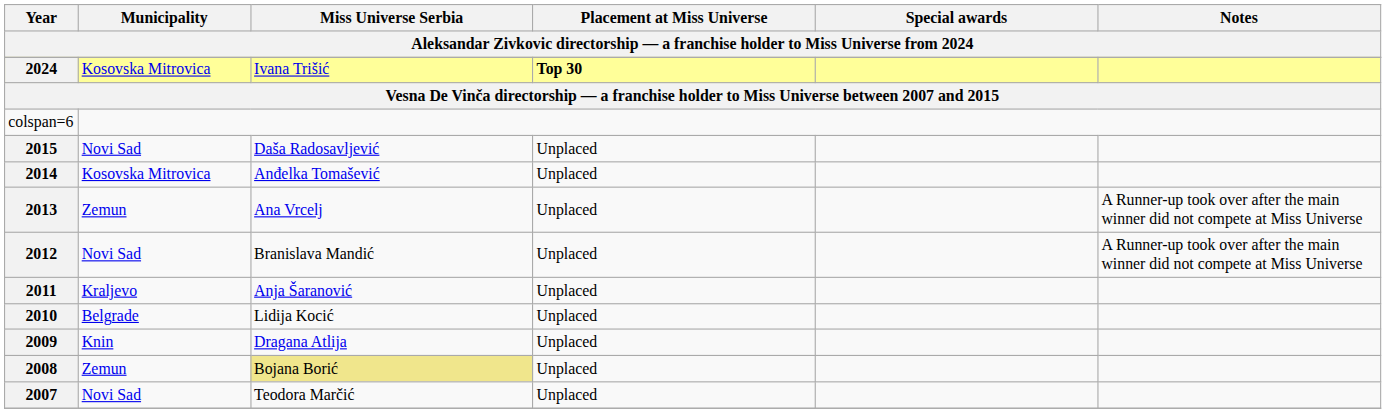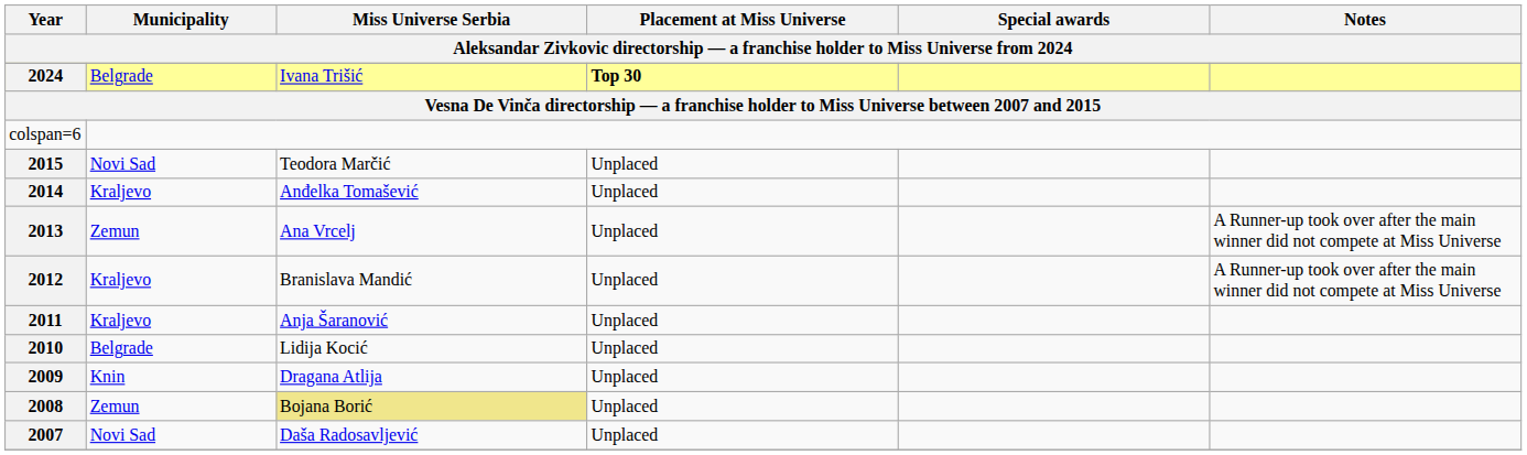 <table class="wikitable " style="font-size: 90%;">
 <tr>
 <th width="60">Year</th>
 <th width="150">Municipality</th>
 <th width="250">Miss Universe Serbia</th>
 <th width="250">Placement at Miss Universe</th>
 <th width="250">Special awards</th>
 <th width="250">Notes</th>
 </tr>
 <tr>
 <th colspan="6">Aleksandar Zivkovic directorship — a franchise holder to Miss Universe from 2024</th>
 </tr>
 <tr>
 </tr>
 <tr style="background-color:#FFFF99;">
 <th>2024</th>
-<td><a href='#'>Kosovska Mitrovica</a></td>
+<td><a href='#'>Belgrade</a></td>
 <td><a href='#'>Ivana Trišić</a></td>
 <td><strong>Top 30</strong></td>
 <td></td>
 <td></td>
 </tr>
 <tr>
 <th colspan="6">Vesna De Vinča directorship — a franchise holder to Miss Universe between 2007 and 2015</th>
 </tr>
 <tr>
 <td>colspan=6 </td>
 </tr>
 <tr>
 <th>2015</th>
 <td><a href='#'>Novi Sad</a></td>
-<td><a href='#'>Daša Radosavljević</a></td>
+<td>Teodora Marčić</td>
 <td>Unplaced</td>
 <td></td>
 <td></td>
 </tr>
 <tr>
 <th>2014</th>
-<td><a href='#'>Kosovska Mitrovica</a></td>
+<td><a href='#'>Kraljevo</a></td>
 <td><a href='#'>Anđelka Tomašević</a></td>
 <td>Unplaced</td>
 <td></td>
 <td></td>
 </tr>
 <tr>
 <th>2013</th>
 <td><a href='#'>Zemun</a></td>
 <td><a href='#'>Ana Vrcelj</a></td>
 <td>Unplaced</td>
 <td></td>
 <td>A Runner-up took over after the main winner did not compete at Miss Universe</td>
 </tr>
 <tr>
 <th>2012</th>
-<td><a href='#'>Novi Sad</a></td>
+<td><a href='#'>Kraljevo</a></td>
 <td>Branislava Mandić</td>
 <td>Unplaced</td>
 <td></td>
 <td>A Runner-up took over after the main winner did not compete at Miss Universe</td>
 </tr>
 <tr>
 <th>2011</th>
 <td><a href='#'>Kraljevo</a></td>
 <td><a href='#'>Anja Šaranović</a></td>
 <td>Unplaced</td>
 <td></td>
 <td></td>
 </tr>
 <tr>
 <th>2010</th>
 <td><a href='#'>Belgrade</a></td>
 <td>Lidija Kocić</td>
 <td>Unplaced</td>
 <td></td>
 <td></td>
 </tr>
 <tr>
 <th>2009</th>
 <td><a href='#'>Knin</a></td>
 <td><a href='#'>Dragana Atlija</a></td>
 <td>Unplaced</td>
 <td></td>
 <td></td>
 </tr>
 <tr>
 <th>2008</th>
 <td><a href='#'>Zemun</a></td>
 <td style="background: khaki;">Bojana Borić</td>
 <td>Unplaced</td>
 <td></td>
 <td></td>
 </tr>
 <tr>
 <th>2007</th>
 <td><a href='#'>Novi Sad</a></td>
-<td>Teodora Marčić</td>
+<td><a href='#'>Daša Radosavljević</a></td>
 <td>Unplaced</td>
 <td></td>
 <td></td>
 </tr>
 <tr>
 </tr>
 </table>
